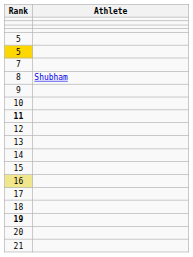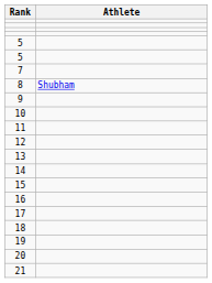 <table class="wikitable" style="text-align: center;">
 <tr>
 <th width=40>Rank</th>
 <th width=250>Athlete</th>
 </tr>
 <tr>
 <td></td>
 <td align="left"></td>
 </tr>
 <tr>
 <td></td>
 <td align="left"></td>
 </tr>
 <tr>
 <td></td>
 <td align="left"></td>
 </tr>
 <tr>
 <td></td>
 <td align="left"></td>
 </tr>
 <tr>
 <td>5</td>
 <td align="left"></td>
 </tr>
 <tr>
-<td style="background: gold;">5</td>
+<td>5</td>
 <td align="left"></td>
 </tr>
 <tr>
 <td>7</td>
 <td align="left"></td>
 </tr>
 <tr>
 <td>8</td>
 <td align="left"> <a href='#'>Shubham</a> </td>
 </tr>
 <tr>
 <td>9</td>
 <td align="left"></td>
 </tr>
 <tr>
 <td>10</td>
 <td align="left"></td>
 </tr>
 <tr>
-<td><strong>11</strong></td>
+<td>11</td>
 <td align="left"></td>
 </tr>
 <tr>
 <td>12</td>
 <td align="left"></td>
 </tr>
 <tr>
 <td>13</td>
 <td align="left"></td>
 </tr>
 <tr>
 <td>14</td>
 <td align="left"></td>
 </tr>
 <tr>
 <td>15</td>
 <td align="left"></td>
 </tr>
 <tr>
-<td style="background: khaki;">16</td>
+<td>16</td>
 <td align="left"></td>
 </tr>
 <tr>
 <td>17</td>
 <td align="left"></td>
 </tr>
 <tr>
 <td>18</td>
 <td align="left"></td>
 </tr>
 <tr>
-<td><strong>19</strong></td>
+<td>19</td>
 <td align="left"></td>
 </tr>
 <tr>
 <td>20</td>
 <td align="left"></td>
 </tr>
 <tr>
 <td>21</td>
 <td align="left"></td>
 </tr>
 </table>
